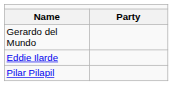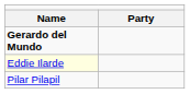 <table class=wikitable style="font-size:90%">
 <tr>
 <td colspan=4 bgcolor=></td>
 </tr>
 <tr>
 <th width=120px>Name</th>
 <th colspan=2 width=110px>Party</th>
 </tr>
 <tr>
-<td>Gerardo del Mundo</td>
+<td><strong>Gerardo del Mundo</strong></td>
 <td></td>
 </tr>
 <tr>
-<td><a href='#'>Eddie Ilarde</a></td>
+<td style="background: lightyellow;"><a href='#'>Eddie Ilarde</a></td>
 <td></td>
 </tr>
 <tr>
 <td><a href='#'>Pilar Pilapil</a></td>
 <td></td>
 </tr>
 </table>
